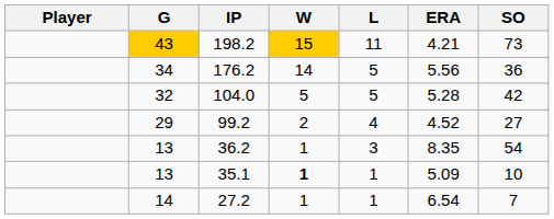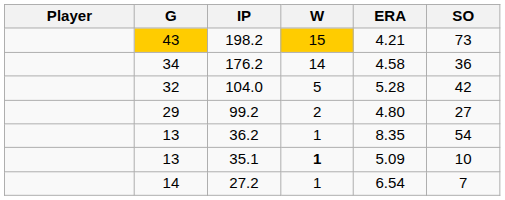 <table class="wikitable sortable">
 <tr>
 <th bgcolor="#DDDDFF" width="16%">Player</th>
 <th bgcolor="#DDDDFF" width="9%">G</th>
 <th bgcolor="#DDDDFF" width="9%">IP</th>
 <th bgcolor="#DDDDFF" width="9%">W</th>
-<th bgcolor="#DDDDFF" width="9%">L</th>
 <th bgcolor="#DDDDFF" width="9%">ERA</th>
 <th bgcolor="#DDDDFF" width="9%">SO</th>
 </tr>
 <tr align="center">
 <td></td>
 <td style="background:#fc0;">43</td>
 <td>198.2</td>
 <td style="background:#fc0;">15</td>
-<td>11</td>
 <td>4.21</td>
 <td>73</td>
 </tr>
 <tr align="center">
 <td></td>
 <td>34</td>
 <td>176.2</td>
 <td>14</td>
-<td>5</td>
-<td>5.56</td>
+<td>4.58</td>
 <td>36</td>
 </tr>
 <tr align="center">
 <td></td>
 <td>32</td>
 <td>104.0</td>
-<td>5</td>
 <td>5</td>
 <td>5.28</td>
 <td>42</td>
 </tr>
 <tr align="center">
 <td></td>
 <td>29</td>
 <td>99.2</td>
 <td>2</td>
-<td>4</td>
-<td>4.52</td>
+<td>4.80</td>
 <td>27</td>
 </tr>
 <tr align="center">
 <td></td>
 <td>13</td>
 <td>36.2</td>
 <td>1</td>
-<td>3</td>
 <td>8.35</td>
 <td>54</td>
 </tr>
 <tr align="center">
 <td></td>
 <td>13</td>
 <td>35.1</td>
 <td><strong>1</strong></td>
-<td>1</td>
 <td>5.09</td>
 <td>10</td>
 </tr>
 <tr align="center">
 <td></td>
 <td>14</td>
 <td>27.2</td>
 <td>1</td>
-<td>1</td>
 <td>6.54</td>
 <td>7</td>
 </tr>
 </table>
